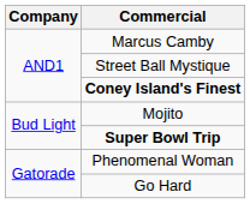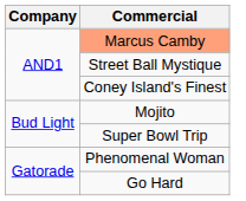 <table class="wikitable" style="text-align: center;">
 <tr>
 <th>Company</th>
 <th>Commercial</th>
 </tr>
 <tr>
 <td rowspan="3"><a href='#'>AND1</a></td>
-<td>Marcus Camby</td>
+<td style="background: lightsalmon;">Marcus Camby</td>
 </tr>
 <tr>
 <td>Street Ball Mystique</td>
 </tr>
 <tr>
-<td><strong>Coney Island's Finest</strong></td>
+<td>Coney Island's Finest</td>
 </tr>
 <tr>
 <td rowspan="2"><a href='#'>Bud Light</a></td>
 <td>Mojito</td>
 </tr>
 <tr>
-<td><strong>Super Bowl Trip</strong></td>
+<td>Super Bowl Trip</td>
 </tr>
 <tr>
 <td rowspan="2"><a href='#'>Gatorade</a></td>
 <td>Phenomenal Woman</td>
 </tr>
 <tr>
 <td>Go Hard</td>
 </tr>
 </table>
